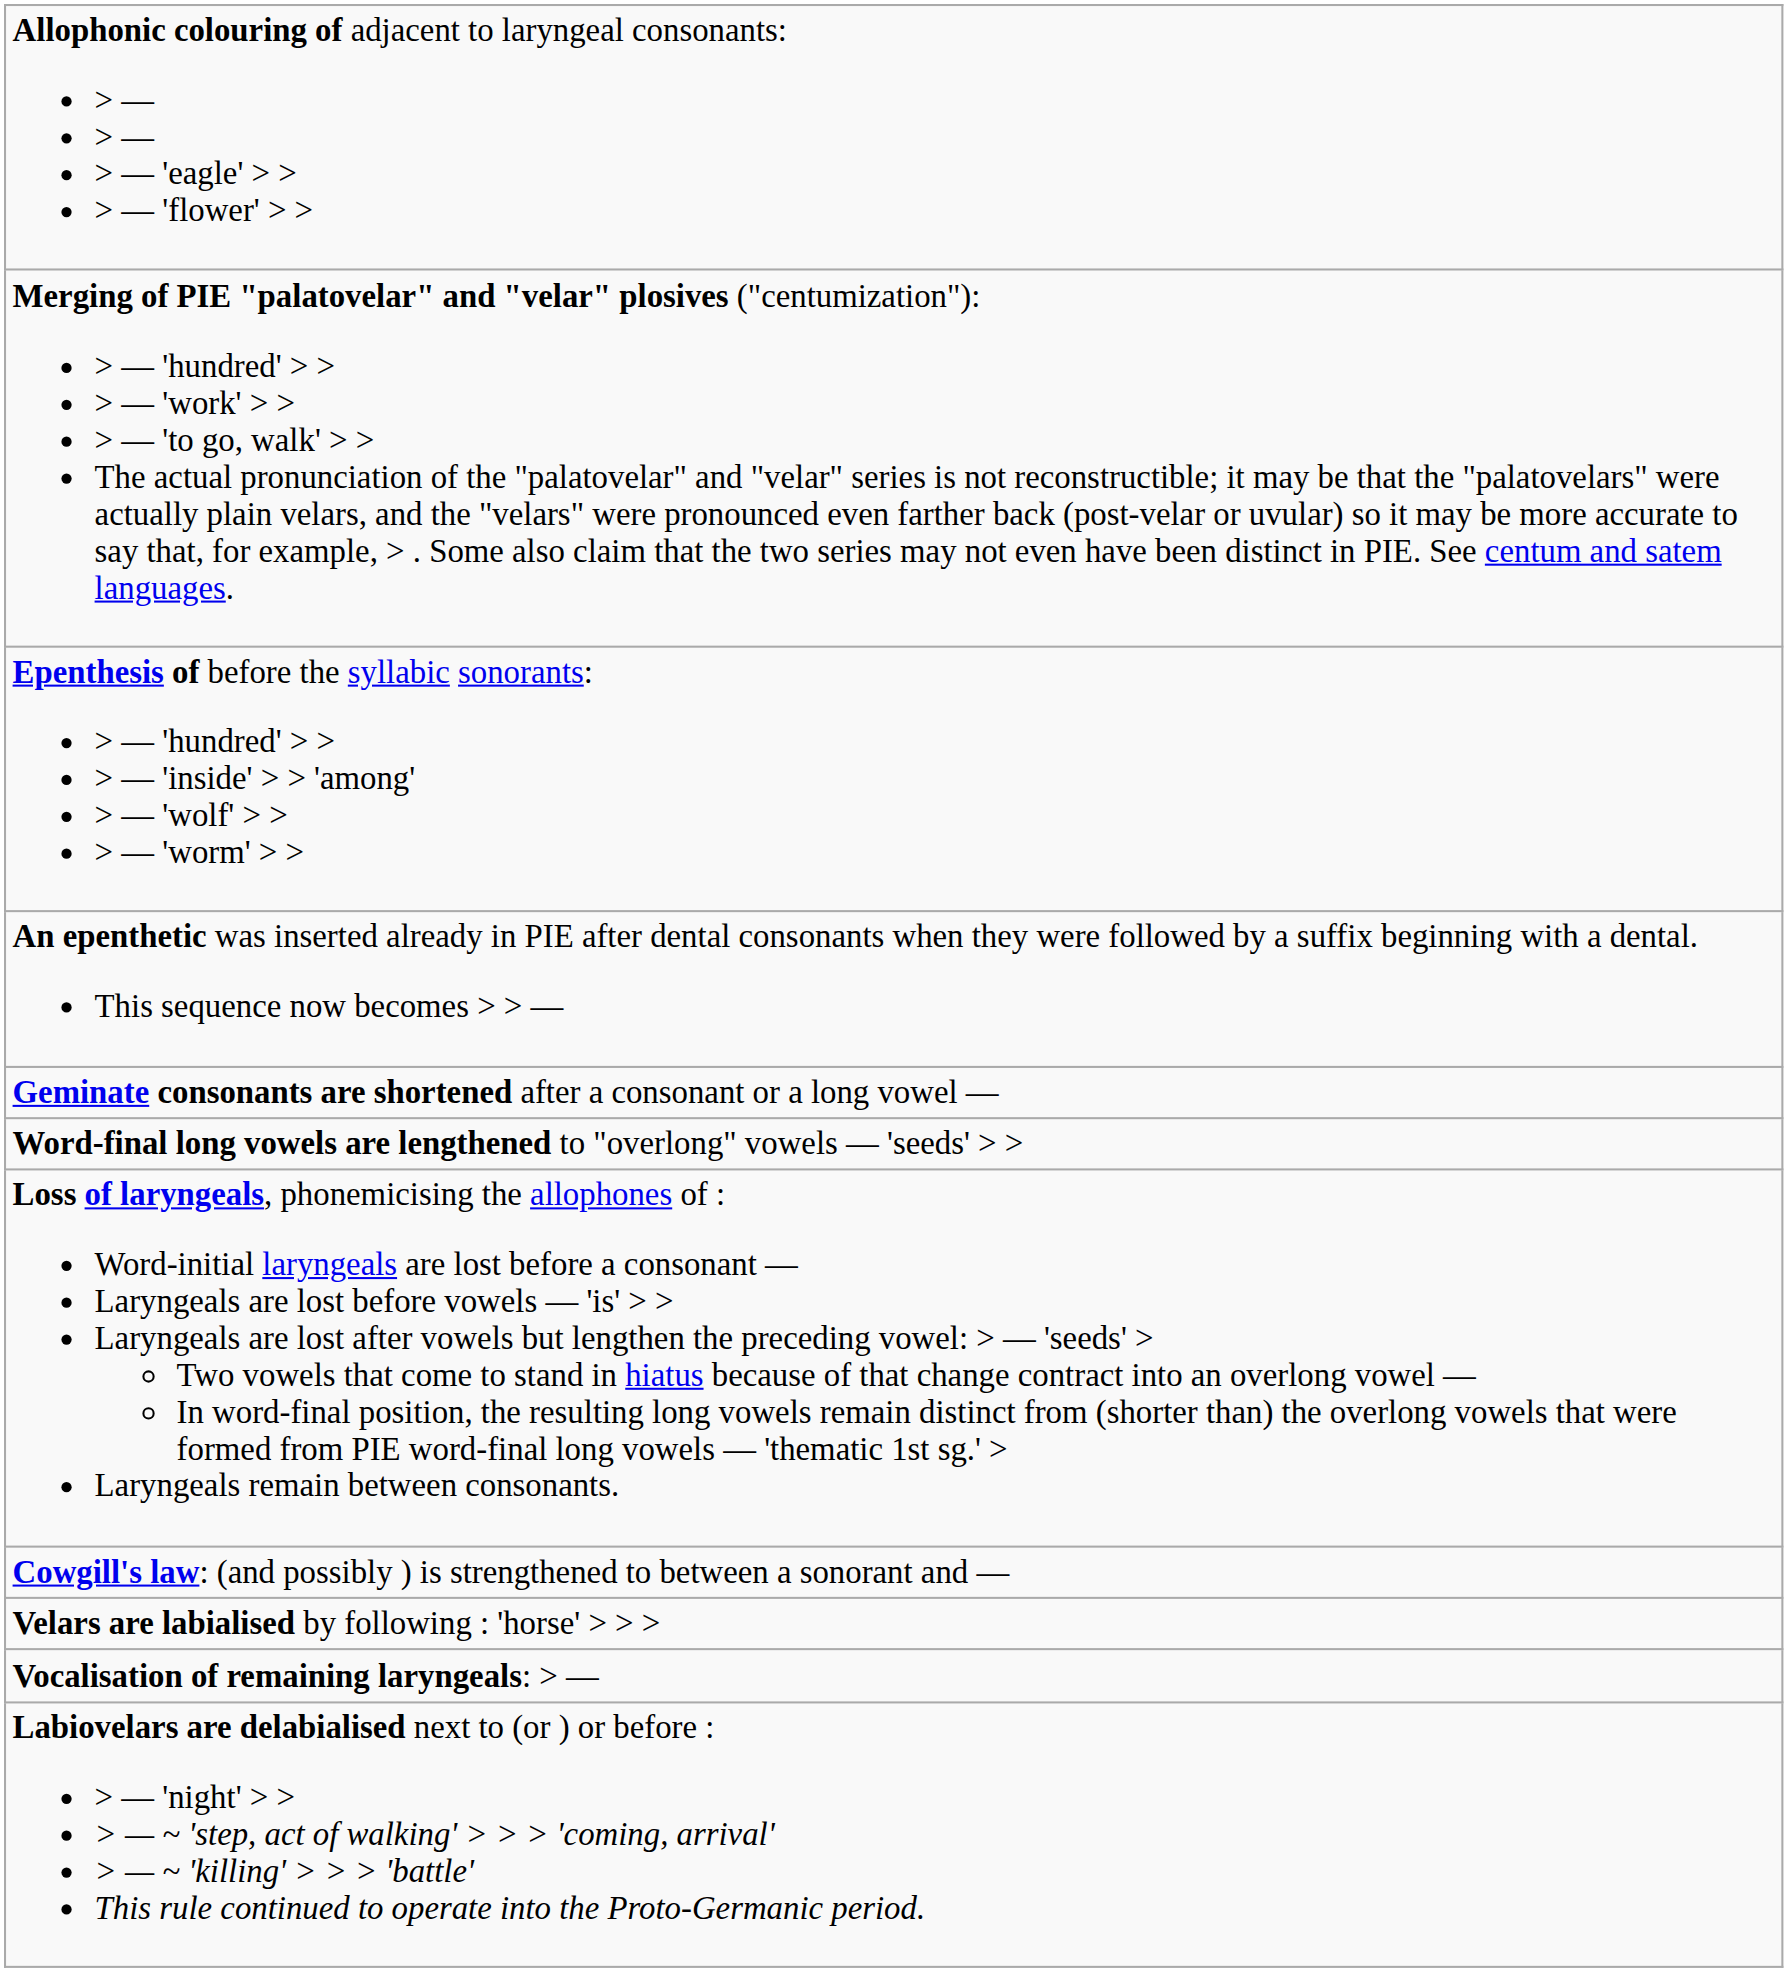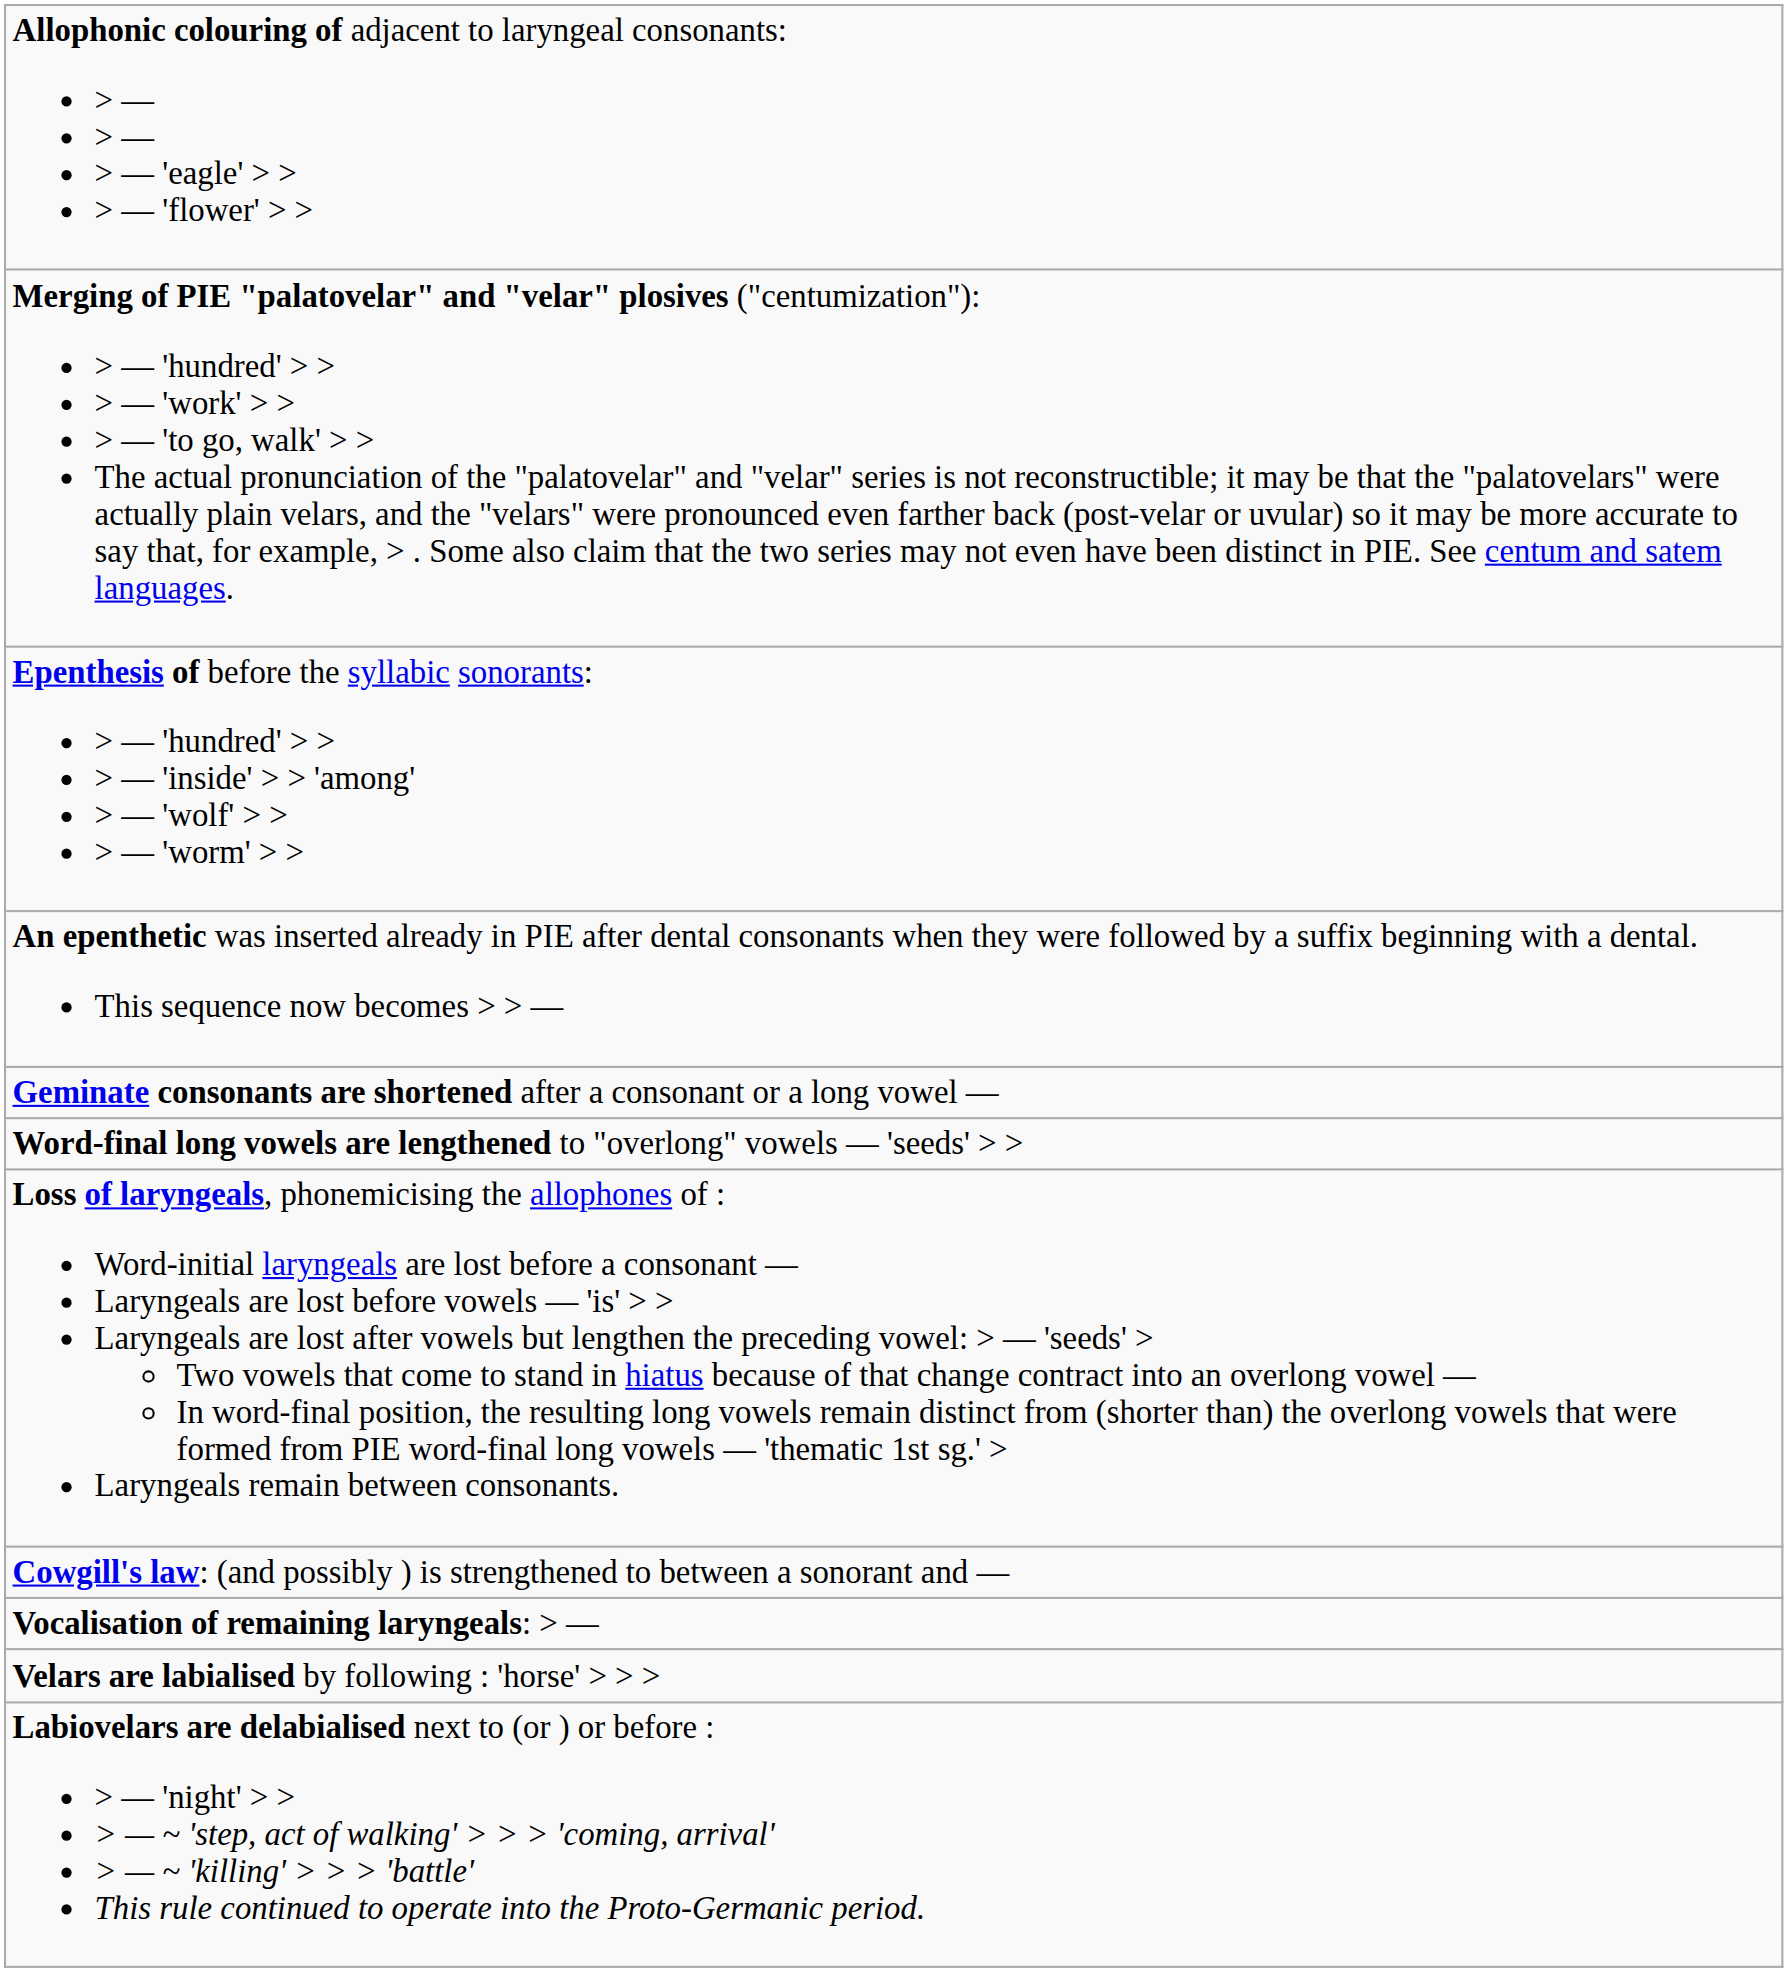 <table class="wikitable">
 <tr>
 <td><strong>Allophonic colouring of </strong> adjacent to laryngeal consonants:<br><ul><li> >  — </li><li> >  — </li><li> >  — <em></em> 'eagle' > <em></em> > </li><li> >  — <em></em> 'flower' > <em></em> > </li></ul></td>
 </tr>
 <tr>
 <td><strong>Merging of PIE "palatovelar" and "velar" plosives</strong> ("centumization"):<br><ul><li> >  — <em></em> 'hundred' > <em></em> > </li><li> >  — <em></em> 'work' > <em></em> > </li><li> >  — <em></em> 'to go, walk' > <em></em> > </li><li>The actual pronunciation of the "palatovelar" and "velar" series is not reconstructible; it may be that the "palatovelars" were actually plain velars, and the "velars" were pronounced even farther back (post-velar or uvular) so it may be more accurate to say that, for example,  > . Some also claim that the two series may not even have been distinct in PIE. See <a href='#'>centum and satem languages</a>.</li></ul></td>
 </tr>
 <tr>
 <td><strong><a href='#'>Epenthesis</a> of </strong> before the <a href='#'>syllabic</a> <a href='#'>sonorants</a>:<br><ul><li> >  — <em></em> 'hundred' > <em></em> > </li><li> >  — <em></em> 'inside' > <em></em> >  'among'</li><li> >  — <em></em> 'wolf' > <em></em> > </li><li> >  — <em></em> 'worm' > <em></em> > </li></ul></td>
 </tr>
 <tr>
 <td><strong>An epenthetic </strong> was inserted already in PIE after dental consonants when they were followed by a suffix beginning with a dental.<br><ul><li>This sequence now becomes  >  >  — </li></ul></td>
 </tr>
 <tr>
 <td><strong><a href='#'>Geminate</a> consonants are shortened</strong> after a consonant or a long vowel — </td>
 </tr>
 <tr>
 <td><strong>Word-final long vowels are lengthened</strong> to "overlong" vowels — <em></em> 'seeds' > <em></em> > </td>
 </tr>
 <tr>
 <td><strong>Loss <a href='#'>of laryngeals</a></strong>, phonemicising the <a href='#'>allophones</a> of :<br><ul><li>Word-initial <a href='#'>laryngeals</a> are lost before a consonant — </li><li>Laryngeals are lost before vowels — <em></em> 'is' > <em></em> > </li><li>Laryngeals are lost after vowels but lengthen the preceding vowel:  >  —  'seeds' > <ul><li>Two vowels that come to stand in <a href='#'>hiatus</a> because of that change contract into an overlong vowel — </li><li>In word-final position, the resulting long vowels remain distinct from (shorter than) the overlong vowels that were formed from PIE word-final long vowels — <em></em> 'thematic 1st sg.' > </li></ul></li><li>Laryngeals remain between consonants.</li></ul></td>
 </tr>
 <tr>
 <td><strong><a href='#'>Cowgill's law</a></strong>:  (and possibly ) is strengthened to  between a sonorant and  — </td>
 </tr>
 <tr>
-<td><strong>Velars are labialised</strong> by following : <em></em> 'horse' > <em></em> > <em></em> > </td>
+<td><strong>Vocalisation of remaining laryngeals</strong>:  >  — </td>
 </tr>
 <tr>
-<td><strong>Vocalisation of remaining laryngeals</strong>:  >  — </td>
+<td><strong>Velars are labialised</strong> by following : <em></em> 'horse' > <em></em> > <em></em> > </td>
 </tr>
 <tr>
 <td><strong>Labiovelars are delabialised</strong> next to  (or ) or before :<br><ul><li> >  — <em></em> 'night' > <em></em> > <em></li><li> >  — </em><em> ~ </em><em> 'step, act of walking' > </em><em> > </em><em> > </em><em> 'coming, arrival'</li><li> >  — </em><em> ~ </em><em> 'killing' > </em><em> > </em><em> > </em><em> 'battle'</li><li>This rule continued to operate into the Proto-Germanic period.</li></ul></td>
 </tr>
 </table>
